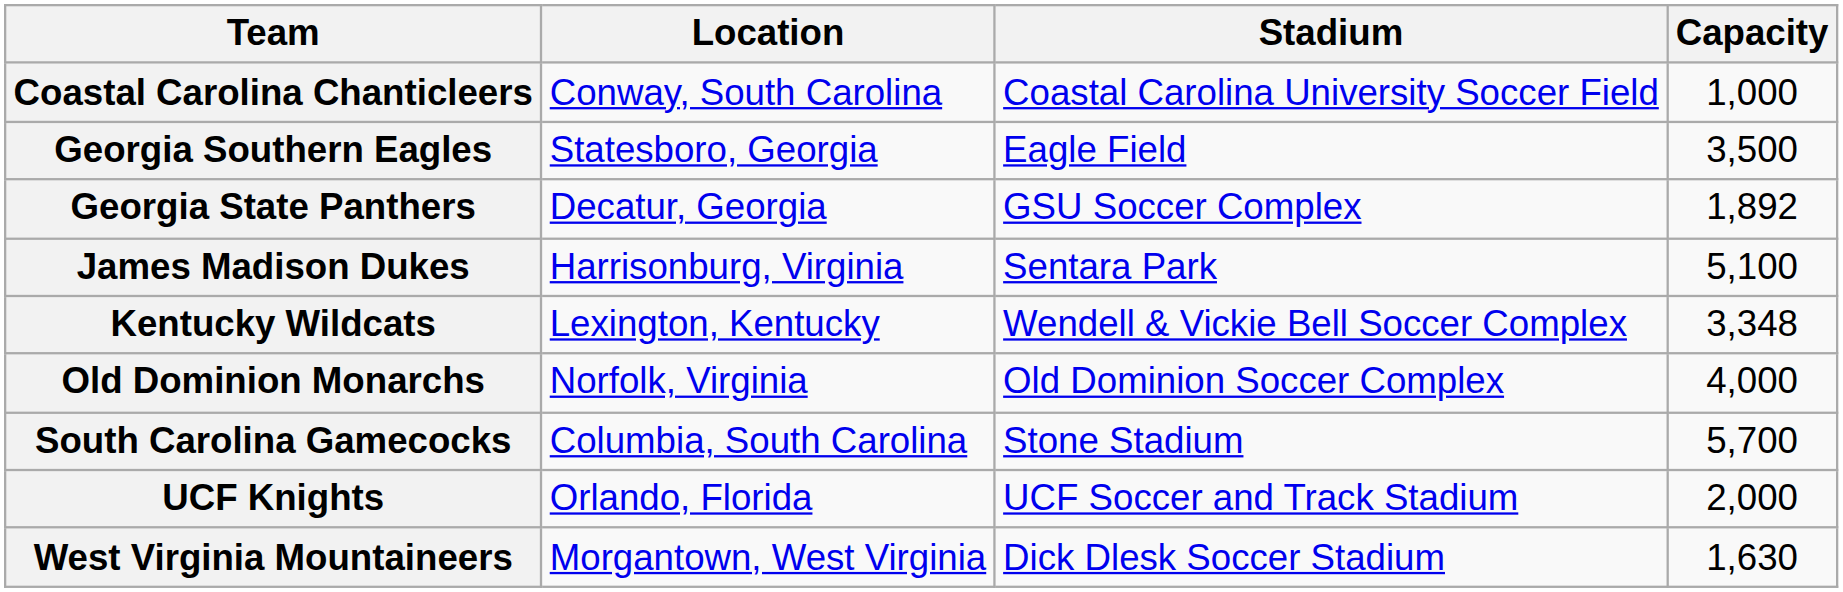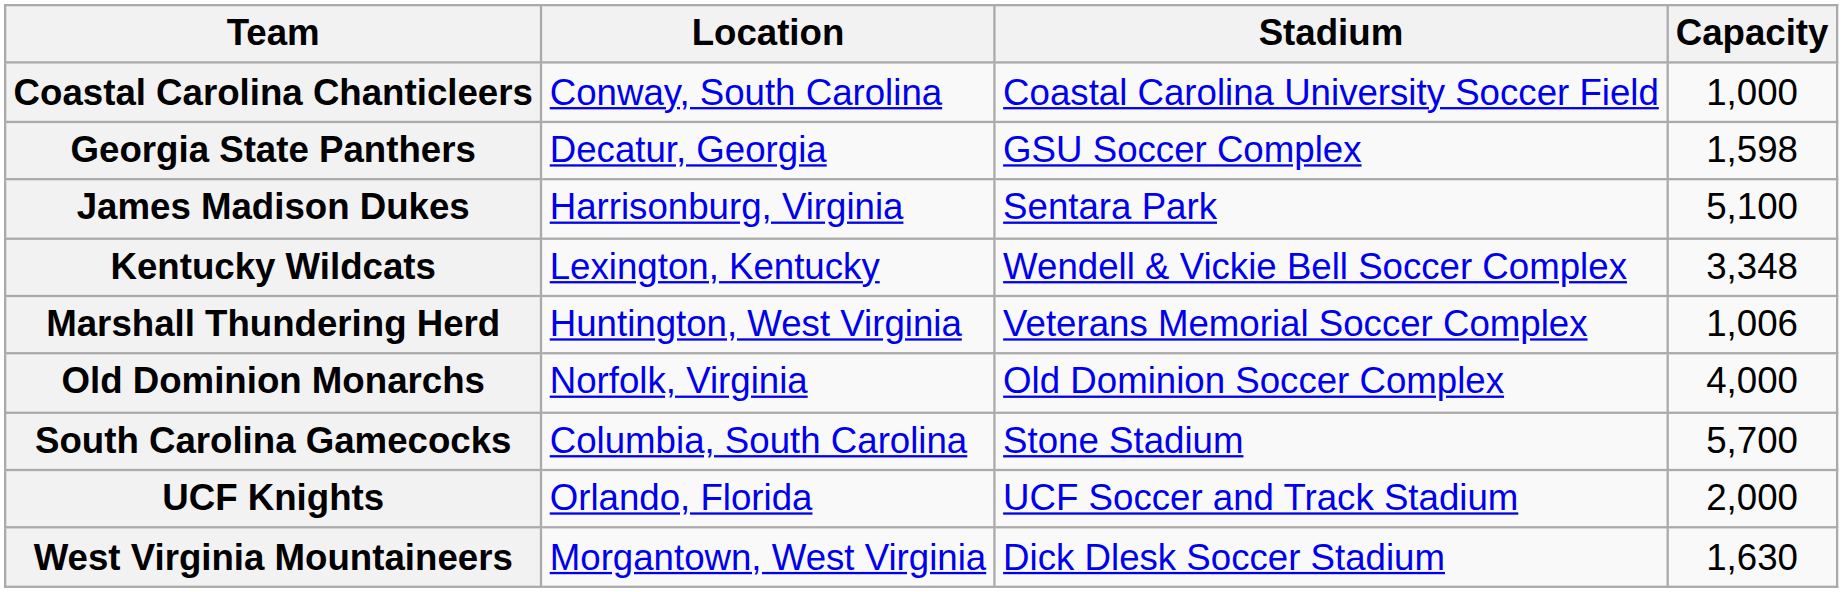 <table class="wikitable sortable">
 <tr>
 <th>Team</th>
 <th>Location</th>
 <th>Stadium</th>
 <th>Capacity</th>
 </tr>
 <tr>
 <th>Coastal Carolina Chanticleers</th>
 <td><a href='#'>Conway, South Carolina</a></td>
 <td><a href='#'>Coastal Carolina University Soccer Field</a></td>
 <td style="text-align:center">1,000</td>
 </tr>
 <tr>
-<th>Georgia Southern Eagles</th>
-<td><a href='#'>Statesboro, Georgia</a></td>
-<td><a href='#'>Eagle Field</a></td>
-<td style="text-align:center">3,500</td>
-</tr>
-<tr>
 <th>Georgia State Panthers</th>
 <td><a href='#'>Decatur, Georgia</a></td>
 <td><a href='#'>GSU Soccer Complex</a></td>
-<td style="text-align:center">1,892</td>
+<td style="text-align:center">1,598</td>
 </tr>
 <tr>
 <th>James Madison Dukes</th>
 <td><a href='#'>Harrisonburg, Virginia</a></td>
 <td><a href='#'>Sentara Park</a></td>
 <td style="text-align:center">5,100</td>
 </tr>
 <tr>
 <th>Kentucky Wildcats</th>
 <td><a href='#'>Lexington, Kentucky</a></td>
 <td><a href='#'>Wendell & Vickie Bell Soccer Complex</a></td>
 <td style="text-align:center">3,348</td>
+</tr>
+<tr>
+<th>Marshall Thundering Herd</th>
+<td><a href='#'>Huntington, West Virginia</a></td>
+<td><a href='#'>Veterans Memorial Soccer Complex</a></td>
+<td style="text-align:center">1,006</td>
 </tr>
 <tr>
 <th>Old Dominion Monarchs</th>
 <td><a href='#'>Norfolk, Virginia</a></td>
 <td><a href='#'>Old Dominion Soccer Complex</a></td>
 <td style="text-align:center">4,000</td>
 </tr>
 <tr>
 <th>South Carolina Gamecocks</th>
 <td><a href='#'>Columbia, South Carolina</a></td>
 <td><a href='#'>Stone Stadium</a></td>
 <td style="text-align:center">5,700</td>
 </tr>
 <tr>
 <th>UCF Knights</th>
 <td><a href='#'>Orlando, Florida</a></td>
 <td><a href='#'>UCF Soccer and Track Stadium</a></td>
 <td style="text-align:center">2,000</td>
 </tr>
 <tr>
 <th>West Virginia Mountaineers</th>
 <td><a href='#'>Morgantown, West Virginia</a></td>
 <td><a href='#'>Dick Dlesk Soccer Stadium</a></td>
 <td style="text-align:center">1,630</td>
 </tr>
 </table>
